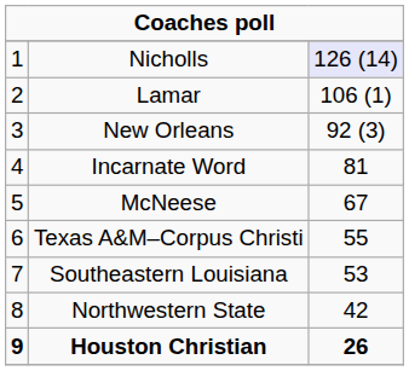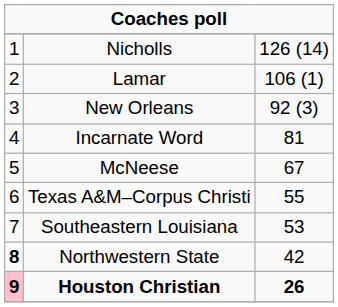 <table class="wikitable">
 <tr align="center">
 <td align="center" Colspan="3"><strong>Coaches poll</strong></td>
 </tr>
 <tr align="center">
 </tr>
 <tr align="center">
 <td>1</td>
 <td>Nicholls</td>
-<td style="background: lavender;">126 (14)</td>
+<td>126 (14)</td>
 </tr>
 <tr align="center">
 <td>2</td>
 <td>Lamar</td>
 <td>106 (1)</td>
 </tr>
 <tr align="center">
 <td>3</td>
 <td>New Orleans</td>
 <td>92 (3)</td>
 </tr>
 <tr align="center">
 <td>4</td>
 <td>Incarnate Word</td>
 <td>81</td>
 </tr>
 <tr align="center">
 <td>5</td>
 <td>McNeese</td>
 <td>67</td>
 </tr>
 <tr align="center">
 <td>6</td>
 <td>Texas A&M–Corpus Christi</td>
 <td>55</td>
 </tr>
 <tr align="center">
 <td>7</td>
 <td>Southeastern Louisiana</td>
 <td>53</td>
 </tr>
 <tr align="center">
-<td>8</td>
+<td><strong>8</strong></td>
 <td>Northwestern State</td>
 <td>42</td>
 </tr>
 <tr align="center">
-<td><strong>9</strong></td>
+<td style="background: pink;"><strong>9</strong></td>
 <td><strong>Houston Christian</strong></td>
 <td><strong>26</strong></td>
 </tr>
 <tr align="center">
 </tr>
 </table>
